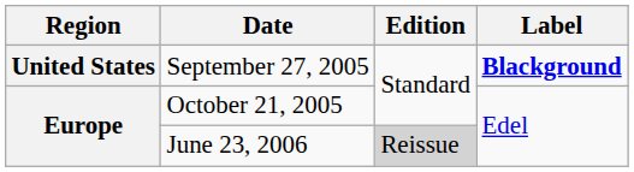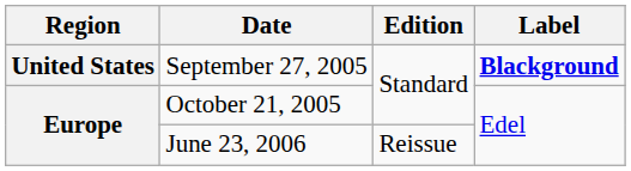 <table class="wikitable plainrowheaders">
 <tr>
 <th scope="col">Region</th>
 <th scope="col">Date</th>
 <th scope="col">Edition</th>
 <th scope="col">Label</th>
 </tr>
 <tr>
 <th scope="row">United States</th>
 <td>September 27, 2005</td>
 <td rowspan="2">Standard</td>
 <td><strong><a href='#'>Blackground</a></strong></td>
 </tr>
 <tr>
 <th scope="row" rowspan="2">Europe</th>
 <td>October 21, 2005</td>
 <td rowspan="2"><a href='#'>Edel</a></td>
 </tr>
 <tr>
 <td>June 23, 2006</td>
-<td style="background: lightgrey;">Reissue</td>
+<td>Reissue</td>
 </tr>
 </table>
